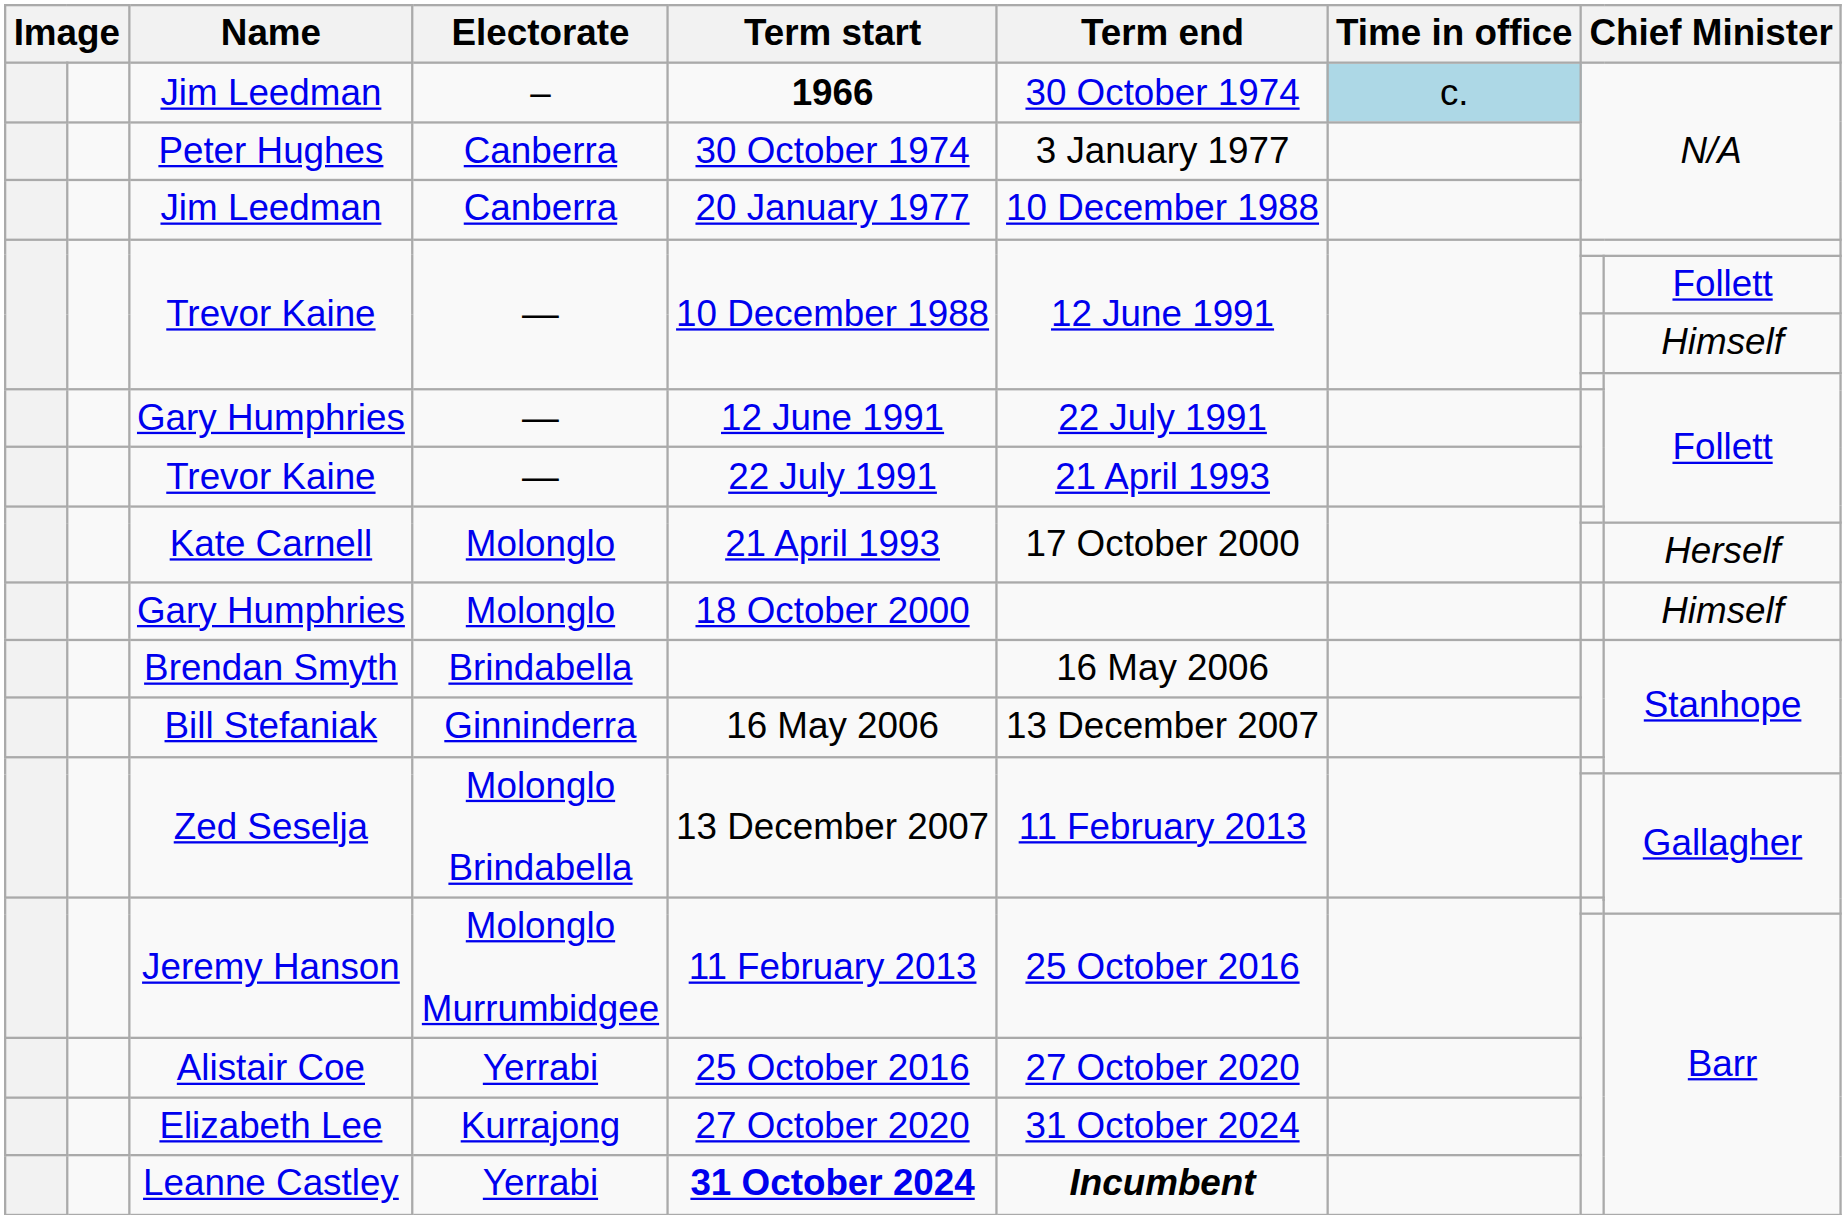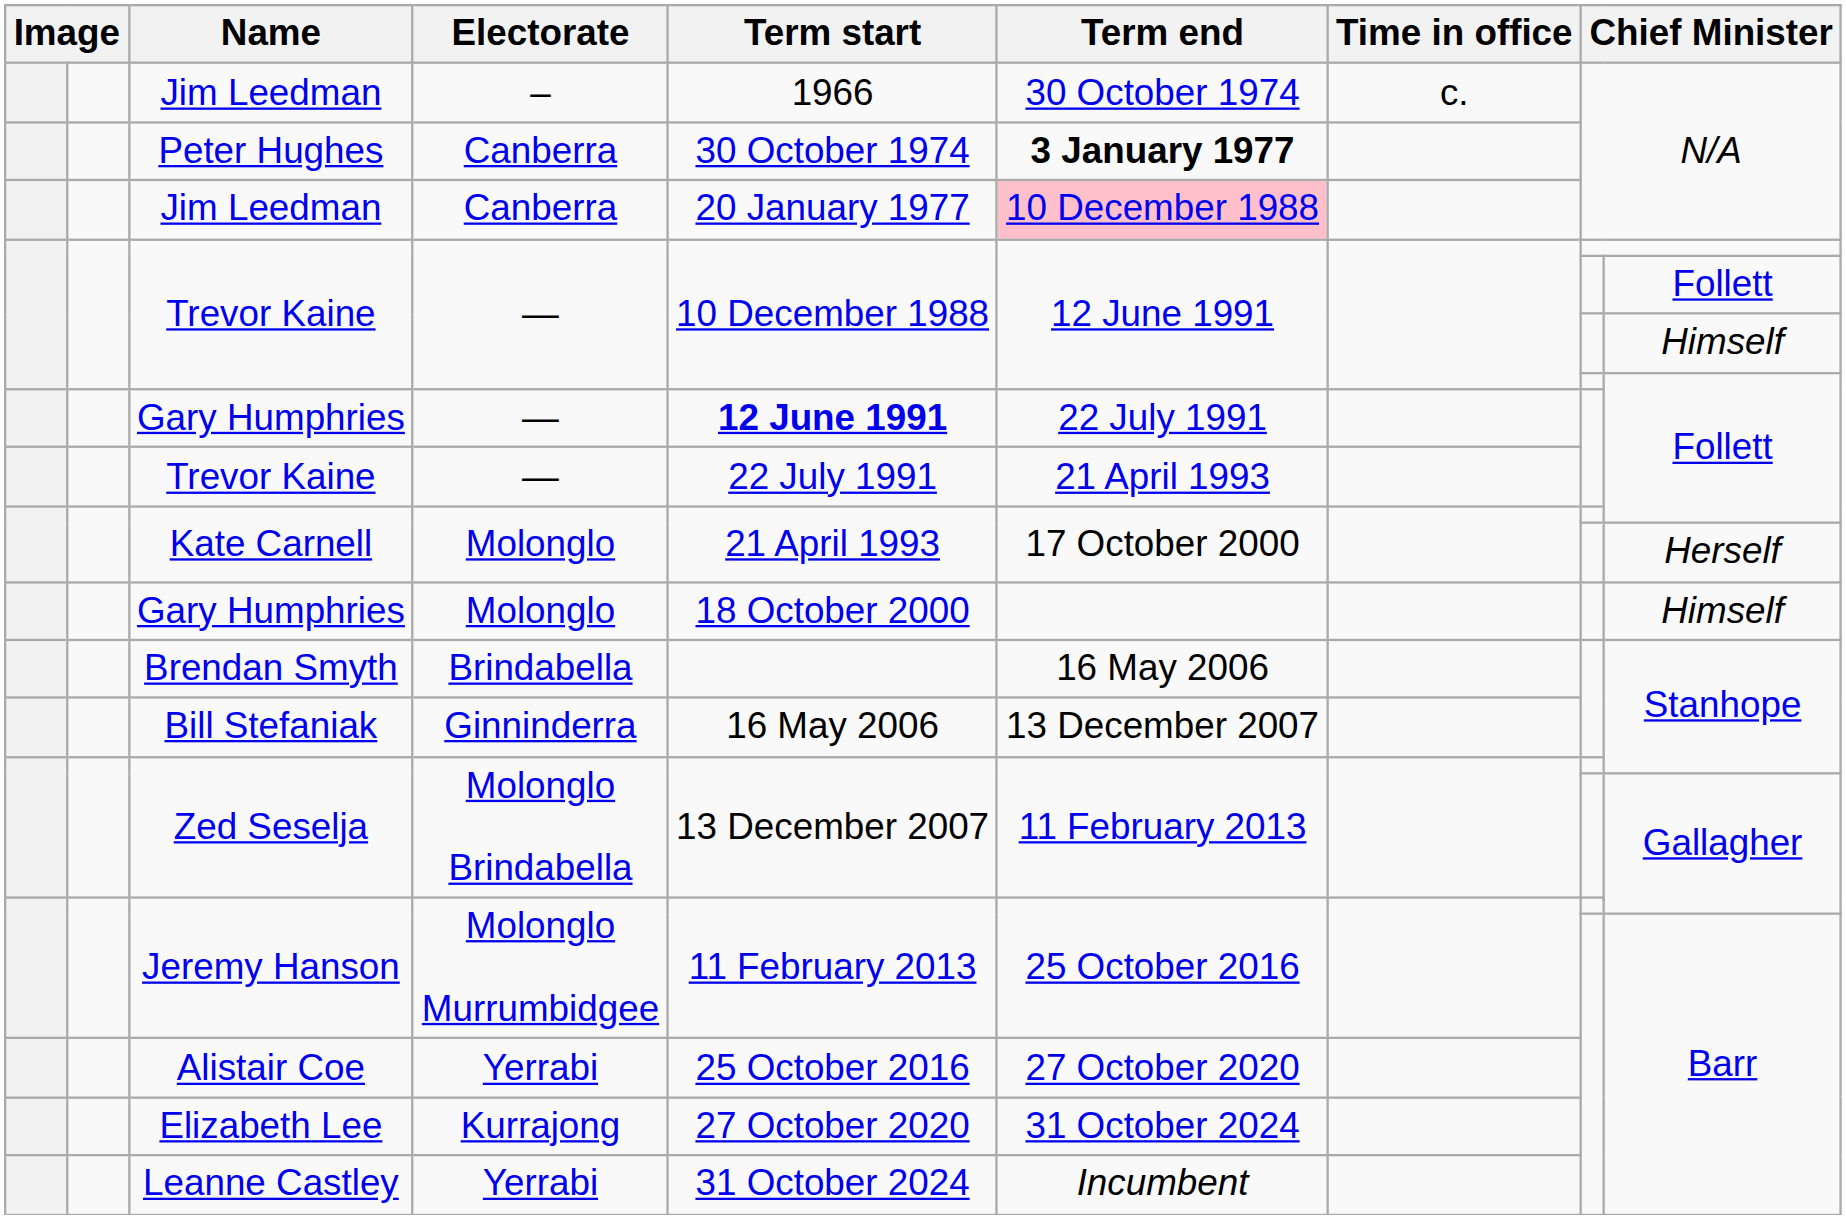 <table class="wikitable" style="text-align:center">
 <tr>
 <th colspan=2>Image</th>
 <th>Name<br></th>
 <th>Electorate</th>
 <th>Term start</th>
 <th>Term end</th>
 <th>Time in office</th>
 <th colspan=2>Chief Minister </th>
 </tr>
 <tr>
 <th style="background:"></th>
 <td></td>
 <td><a href='#'>Jim Leedman</a><br></td>
 <td>–</td>
-<td><strong>1966</strong></td>
+<td>1966</td>
 <td><a href='#'>30 October 1974</a></td>
-<td style="background: lightblue;">c. </td>
+<td>c. </td>
 <td rowspan=3; colspan=3><em>N/A</em></td>
 </tr>
 <tr>
 <th style="background:"></th>
 <td></td>
 <td><a href='#'>Peter Hughes</a><br></td>
 <td><a href='#'>Canberra</a></td>
 <td><a href='#'>30 October 1974</a></td>
-<td>3 January 1977</td>
+<td><strong>3 January 1977</strong></td>
 <td></td>
 </tr>
 <tr>
 <th style="background:"></th>
 <td></td>
 <td><a href='#'>Jim Leedman</a><br></td>
 <td><a href='#'>Canberra</a></td>
 <td><a href='#'>20 January 1977</a></td>
-<td><a href='#'>10 December 1988</a></td>
+<td style="background: pink;"><a href='#'>10 December 1988</a></td>
 <td></td>
 </tr>
 <tr>
 <th rowspan=4; style="background:"></th>
 <td rowspan=4></td>
 <td rowspan=4><a href='#'>Trevor Kaine</a> <br> </td>
 <td rowspan=4>—</td>
 <td rowspan=4><a href='#'>10 December 1988</a></td>
 <td rowspan=4><a href='#'>12 June 1991</a></td>
 <td rowspan=4></td>
 <td colspan=2></td>
 </tr>
 <tr>
 <td style="background-color: "></td>
 <td><a href='#'>Follett</a> </td>
 </tr>
 <tr>
 <td style="background-color: "></td>
 <td><em>Himself</em> </td>
 </tr>
 <tr>
 <td style="background-color: "></td>
 <td rowspan=4><a href='#'>Follett</a> </td>
 </tr>
 <tr>
 <th style="background:"></th>
 <td></td>
 <td><a href='#'>Gary Humphries</a> <br> </td>
 <td>—</td>
-<td><a href='#'>12 June 1991</a></td>
+<td><strong><a href='#'>12 June 1991</a></strong></td>
 <td><a href='#'>22 July 1991</a></td>
 <td></td>
 <td rowspan=2 style="background-color: "></td>
 </tr>
 <tr>
 <th style="background:"></th>
 <td></td>
 <td><a href='#'>Trevor Kaine</a> <br> </td>
 <td>—</td>
 <td><a href='#'>22 July 1991</a></td>
 <td><a href='#'>21 April 1993</a></td>
 <td></td>
 </tr>
 <tr>
 <th rowspan=2; style="background:"></th>
 <td rowspan=2></td>
 <td rowspan=2><a href='#'>Kate Carnell</a> <br> </td>
 <td rowspan=2><a href='#'>Molonglo</a> <br> </td>
 <td rowspan=2><a href='#'>21 April 1993</a></td>
 <td rowspan=2>17 October 2000</td>
 <td rowspan=2></td>
 <td rowspan=1; style="background-color: "></td>
 </tr>
 <tr>
 <td style="background-color: "></td>
 <td><em>Herself</em> </td>
 </tr>
 <tr>
 <th rowspan=2; style="background:"></th>
 <td rowspan=2></td>
 <td rowspan=2><a href='#'>Gary Humphries</a> <br> </td>
 <td rowspan=2><a href='#'>Molonglo</a></td>
 <td rowspan=2><a href='#'>18 October 2000</a></td>
 <td rowspan=2></td>
 <td rowspan=2></td>
 <td style="background-color: "></td>
 <td><em>Himself</em> </td>
 </tr>
 <tr>
 <td rowspan=3; style="background-color: "></td>
 <td rowspan=4><a href='#'>Stanhope</a><br></td>
 </tr>
 <tr>
 <th style="background:"></th>
 <td></td>
 <td><a href='#'>Brendan Smyth</a> <br> </td>
 <td><a href='#'>Brindabella</a></td>
 <td></td>
 <td>16 May 2006</td>
 <td></td>
 </tr>
 <tr>
 <th style="background:"></th>
 <td></td>
 <td><a href='#'>Bill Stefaniak</a> <br> </td>
 <td><a href='#'>Ginninderra</a></td>
 <td>16 May 2006</td>
 <td>13 December 2007</td>
 <td></td>
 </tr>
 <tr>
 <th rowspan=2 style="background:"></th>
 <td rowspan=2></td>
 <td rowspan=2><a href='#'>Zed Seselja</a> <br> </td>
 <td rowspan=2><a href='#'>Molonglo</a> <br> <br><a href='#'>Brindabella</a> <br> </td>
 <td rowspan=2>13 December 2007</td>
 <td rowspan=2><a href='#'>11 February 2013</a></td>
 <td rowspan=2><strong></strong></td>
 <td style="background-color: "></td>
 </tr>
 <tr>
 <td rowspan=2; style="background-color: "></td>
 <td rowspan=3><a href='#'>Gallagher</a><br></td>
 </tr>
 <tr>
 <th rowspan=3 style="background:"></th>
 <td rowspan=3></td>
 <td rowspan=3><a href='#'>Jeremy Hanson</a> <br> </td>
 <td rowspan=3><a href='#'>Molonglo</a> <br> <br><a href='#'>Murrumbidgee</a> <br> </td>
 <td rowspan=3><a href='#'>11 February 2013</a></td>
 <td rowspan=3><a href='#'>25 October 2016</a></td>
 <td rowspan=3></td>
 </tr>
 <tr>
 <td style="background-color: "></td>
 </tr>
 <tr>
 <td rowspan=5; style="background-color: "></td>
 <td rowspan="6"><a href='#'>Barr</a><br></td>
 </tr>
 <tr>
 <th style="background:"></th>
 <td></td>
 <td><a href='#'>Alistair Coe</a> <br> </td>
 <td><a href='#'>Yerrabi</a></td>
 <td><a href='#'>25 October 2016</a></td>
 <td><a href='#'>27 October 2020</a></td>
 <td></td>
 </tr>
 <tr>
 <th style="background:"></th>
 <td></td>
 <td><a href='#'>Elizabeth Lee</a> <br> </td>
 <td><a href='#'>Kurrajong</a></td>
 <td><a href='#'>27 October 2020</a></td>
 <td><a href='#'>31 October 2024</a></td>
 <td></td>
 </tr>
 <tr>
 <th style="background:"></th>
 <td></td>
 <td><a href='#'>Leanne Castley</a><br></td>
 <td><a href='#'>Yerrabi</a></td>
-<td><strong><a href='#'>31 October 2024</a></strong></td>
-<td><strong><em>Incumbent</em></strong></td>
+<td><a href='#'>31 October 2024</a></td>
+<td><em>Incumbent</em></td>
 <td></td>
 </tr>
 </table>
